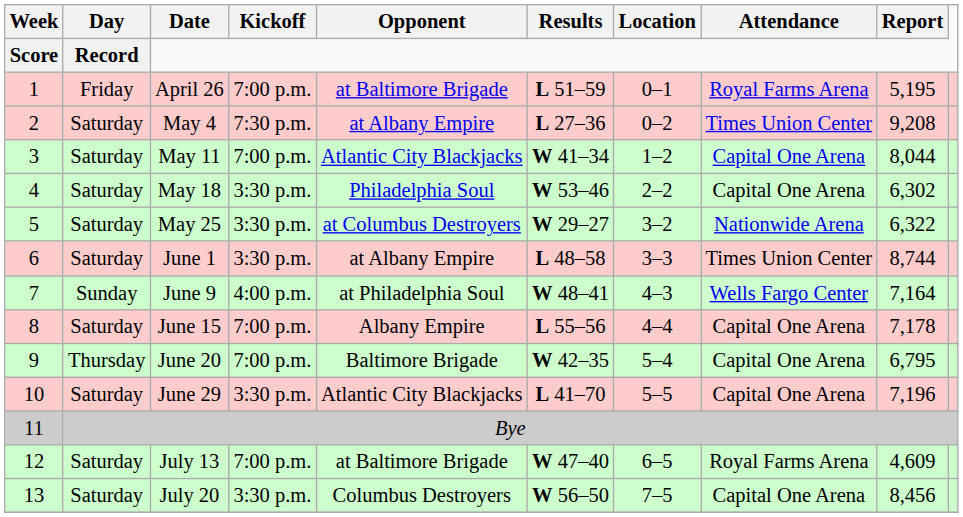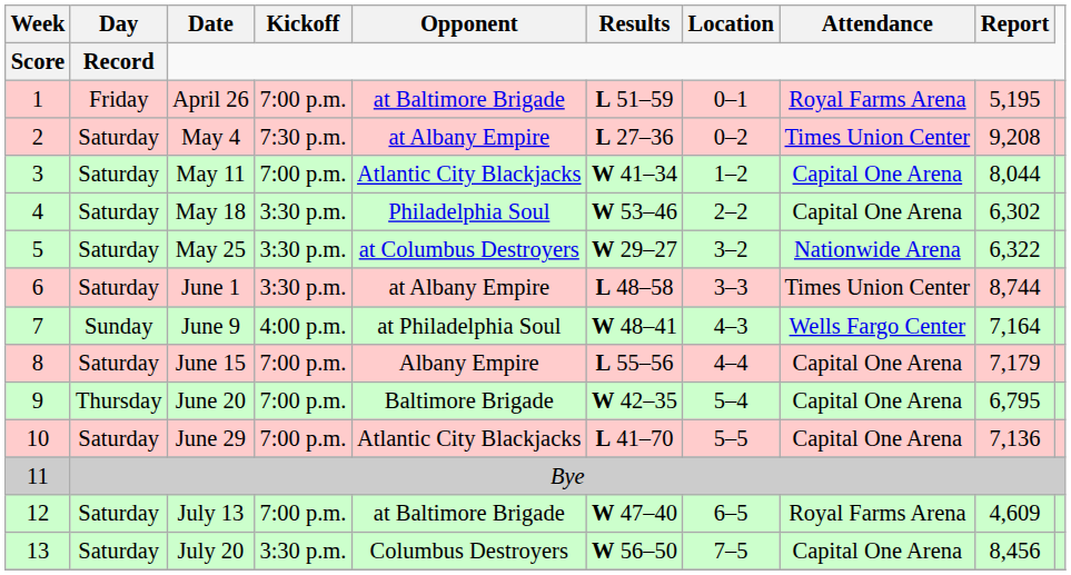 <table class="wikitable" style="text-align:center; font-size: 95%;">
 <tr>
 <th>Week</th>
 <th>Day</th>
 <th>Date</th>
 <th>Kickoff</th>
 <th>Opponent</th>
 <th>Results</th>
 <th>Location</th>
 <th>Attendance</th>
 <th>Report</th>
 </tr>
 <tr>
 <th>Score</th>
 <th>Record</th>
 </tr>
 <tr bgcolor=#ffcccc>
 <td>1</td>
 <td>Friday</td>
 <td>April 26</td>
 <td>7:00 p.m.</td>
 <td><a href='#'> at Baltimore Brigade</a></td>
 <td><strong>L</strong> 51–59</td>
 <td>0–1</td>
 <td><a href='#'>Royal Farms Arena</a></td>
 <td>5,195</td>
 <td></td>
 </tr>
 <tr bgcolor=#ffcccc>
 <td>2</td>
 <td>Saturday</td>
 <td>May 4</td>
 <td>7:30 p.m.</td>
 <td><a href='#'> at Albany Empire</a></td>
 <td><strong>L</strong> 27–36</td>
 <td>0–2</td>
 <td><a href='#'>Times Union Center</a></td>
 <td>9,208</td>
 <td></td>
 </tr>
 <tr bgcolor=#ccffcc>
 <td>3</td>
 <td>Saturday</td>
 <td>May 11</td>
 <td>7:00 p.m.</td>
 <td><a href='#'>Atlantic City Blackjacks</a></td>
 <td><strong>W</strong> 41–34</td>
 <td>1–2</td>
 <td><a href='#'>Capital One Arena</a></td>
 <td>8,044</td>
 <td></td>
 </tr>
 <tr bgcolor=#ccffcc>
 <td>4</td>
 <td>Saturday</td>
 <td>May 18</td>
 <td>3:30 p.m.</td>
 <td><a href='#'>Philadelphia Soul</a></td>
 <td><strong>W</strong> 53–46</td>
 <td>2–2</td>
 <td>Capital One Arena</td>
 <td>6,302</td>
 <td></td>
 </tr>
 <tr bgcolor=#ccffcc>
 <td>5</td>
 <td>Saturday</td>
 <td>May 25</td>
 <td>3:30 p.m.</td>
 <td><a href='#'> at Columbus Destroyers</a></td>
 <td><strong>W</strong> 29–27</td>
 <td>3–2</td>
 <td><a href='#'>Nationwide Arena</a></td>
 <td>6,322</td>
 <td></td>
 </tr>
 <tr bgcolor=#ffcccc>
 <td>6</td>
 <td>Saturday</td>
 <td>June 1</td>
 <td>3:30 p.m.</td>
 <td>at Albany Empire</td>
 <td><strong>L</strong> 48–58</td>
 <td>3–3</td>
 <td>Times Union Center</td>
 <td>8,744</td>
 <td></td>
 </tr>
 <tr bgcolor=#ccffcc>
 <td>7</td>
 <td>Sunday</td>
 <td>June 9</td>
 <td>4:00 p.m.</td>
 <td>at Philadelphia Soul</td>
 <td><strong>W</strong> 48–41</td>
 <td>4–3</td>
 <td><a href='#'>Wells Fargo Center</a></td>
 <td>7,164</td>
 <td></td>
 </tr>
 <tr bgcolor=#ffcccc>
 <td>8</td>
 <td>Saturday</td>
 <td>June 15</td>
 <td>7:00 p.m.</td>
 <td>Albany Empire</td>
 <td><strong>L</strong> 55–56</td>
 <td>4–4</td>
 <td>Capital One Arena</td>
-<td>7,178</td>
+<td>7,179</td>
 <td></td>
 </tr>
 <tr bgcolor=#ccffcc>
 <td>9</td>
 <td>Thursday</td>
 <td>June 20</td>
 <td>7:00 p.m.</td>
 <td>Baltimore Brigade</td>
 <td><strong>W</strong> 42–35</td>
 <td>5–4</td>
 <td>Capital One Arena</td>
 <td>6,795</td>
 <td></td>
 </tr>
 <tr bgcolor="ffcccc">
 <td>10</td>
 <td>Saturday</td>
 <td>June 29</td>
-<td>3:30 p.m.</td>
+<td>7:00 p.m.</td>
 <td>Atlantic City Blackjacks</td>
 <td><strong>L</strong> 41–70</td>
 <td>5–5</td>
 <td>Capital One Arena</td>
-<td>7,196</td>
+<td>7,136</td>
 <td></td>
 </tr>
 <tr bgcolor=#CCCCCC>
 <td>11</td>
 <td colspan=9><em>Bye</em></td>
 </tr>
 <tr bgcolor=#ccffcc>
 <td>12</td>
 <td>Saturday</td>
 <td>July 13</td>
 <td>7:00 p.m.</td>
 <td>at Baltimore Brigade</td>
 <td><strong>W</strong> 47–40</td>
 <td>6–5</td>
 <td>Royal Farms Arena</td>
 <td>4,609</td>
 <td></td>
 </tr>
 <tr bgcolor=#ccffcc>
 <td>13</td>
 <td>Saturday</td>
 <td>July 20</td>
 <td>3:30 p.m.</td>
 <td>Columbus Destroyers</td>
 <td><strong>W</strong> 56–50</td>
 <td>7–5</td>
 <td>Capital One Arena</td>
 <td>8,456</td>
 <td></td>
 </tr>
 <tr>
 </tr>
 </table>
